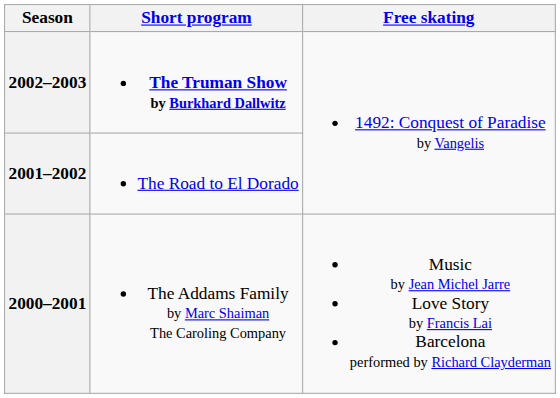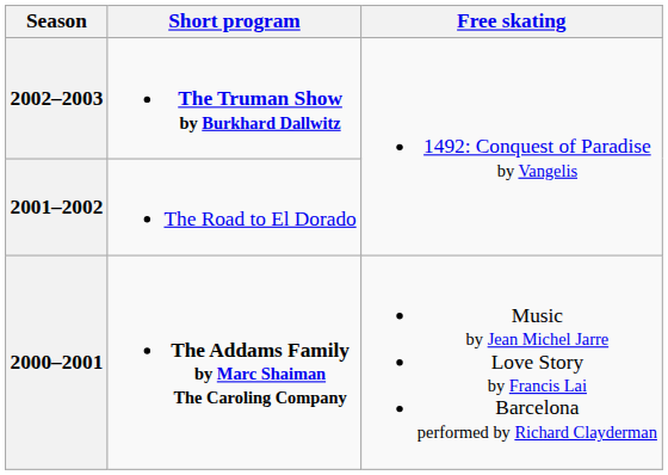 <table class=wikitable style=text-align:center>
 <tr>
 <th>Season</th>
 <th><a href='#'>Short program</a></th>
 <th><a href='#'>Free skating</a></th>
 </tr>
 <tr>
 <th>2002–2003 <br></th>
 <td><strong><br><ul><li><a href='#'>The Truman Show</a> <br><small> by <a href='#'>Burkhard Dallwitz</a> </small></li></ul></strong></td>
 <td rowspan=2><br><ul><li><a href='#'>1492: Conquest of Paradise</a> <br><small> by <a href='#'>Vangelis</a> </small></li></ul></td>
 </tr>
 <tr>
 <th>2001–2002 <br></th>
 <td><br><ul><li><a href='#'>The Road to El Dorado</a></li></ul></td>
 </tr>
 <tr>
 <th>2000–2001 <br></th>
-<td><br><ul><li>The Addams Family <br><small> by <a href='#'>Marc Shaiman</a> <br> The Caroling Company </small></li></ul></td>
+<td><strong><br><ul><li>The Addams Family <br><small> by <a href='#'>Marc Shaiman</a> <br> The Caroling Company </small></li></ul></strong></td>
 <td><br><ul><li>Music <br><small> by <a href='#'>Jean Michel Jarre</a> </small></li><li>Love Story <br><small> by <a href='#'>Francis Lai</a> </small></li><li>Barcelona <br><small> performed by <a href='#'>Richard Clayderman</a> </small></li></ul></td>
 </tr>
 </table>
